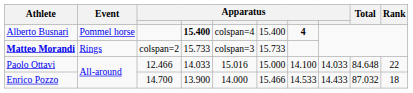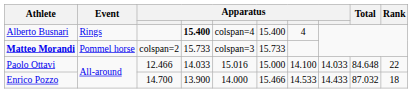 <table class="wikitable" style="font-size:90%">
 <tr>
 <th rowspan=2>Athlete</th>
 <th rowspan=2>Event</th>
 <th colspan =6>Apparatus</th>
 <th rowspan=2>Total</th>
 <th rowspan=2>Rank</th>
 </tr>
 <tr style="font-size:95%">
 <th></th>
 <th></th>
 <th></th>
 <th></th>
 <th></th>
 <th></th>
 </tr>
 <tr align=center>
 <td align=left><a href='#'>Alberto Busnari</a></td>
-<td align=left><a href='#'>Pommel horse</a></td>
+<td align=left><a href='#'>Rings</a></td>
 <td></td>
 <td><strong>15.400</strong></td>
 <td>colspan=4 </td>
 <td>15.400</td>
-<td><strong>4</strong></td>
+<td>4</td>
 </tr>
 <tr align=center>
 <td align=left><strong><a href='#'>Matteo Morandi</a></strong></td>
-<td align=left><a href='#'>Rings</a></td>
+<td align=left><a href='#'>Pommel horse</a></td>
 <td>colspan=2 </td>
 <td>15.733</td>
 <td>colspan=3 </td>
 <td>15.733</td>
 <td></td>
 </tr>
 <tr align=center>
 <td align=left><a href='#'>Paolo Ottavi</a></td>
 <td align=left rowspan=2><a href='#'>All-around</a></td>
 <td>12.466</td>
 <td>14.033</td>
 <td>15.016</td>
 <td>15.000</td>
 <td>14.100</td>
 <td>14.033</td>
 <td>84.648</td>
 <td>22</td>
 </tr>
 <tr align=center>
 <td align=left><a href='#'>Enrico Pozzo</a></td>
 <td>14.700</td>
 <td>13.900</td>
 <td>14.000</td>
 <td>15.466</td>
 <td>14.533</td>
 <td>14.433</td>
 <td>87.032</td>
 <td>18</td>
 </tr>
 </table>
